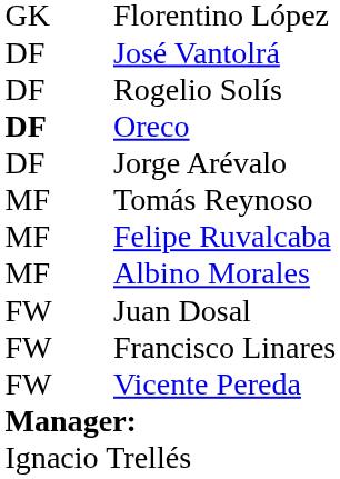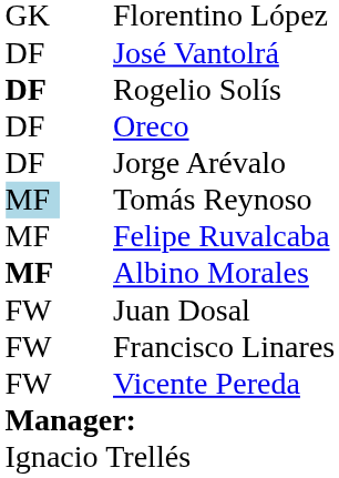 <table style="font-size:90%; margin:0.2em auto;" cellspacing="0" cellpadding="0">
 <tr>
 <th width="25"></th>
 <th width="25"></th>
 </tr>
 <tr>
 <td>GK</td>
 <td></td>
 <td> Florentino López</td>
 </tr>
 <tr>
 <td>DF</td>
 <td></td>
 <td> <a href='#'>José Vantolrá</a></td>
 </tr>
 <tr>
-<td>DF</td>
+<td><strong>DF</strong></td>
 <td></td>
 <td> Rogelio Solís</td>
 </tr>
 <tr>
-<td><strong>DF</strong></td>
+<td>DF</td>
 <td></td>
 <td> <a href='#'>Oreco</a></td>
 </tr>
 <tr>
 <td>DF</td>
 <td></td>
 <td> Jorge Arévalo</td>
 </tr>
 <tr>
-<td>MF</td>
+<td style="background: lightblue;">MF</td>
 <td></td>
 <td> Tomás Reynoso</td>
 </tr>
 <tr>
 <td>MF</td>
 <td></td>
 <td> <a href='#'>Felipe Ruvalcaba</a></td>
 </tr>
 <tr>
-<td>MF</td>
+<td><strong>MF</strong></td>
 <td></td>
 <td> <a href='#'>Albino Morales</a></td>
 </tr>
 <tr>
 <td>FW</td>
 <td></td>
 <td> Juan Dosal</td>
 </tr>
 <tr>
 <td>FW</td>
 <td></td>
 <td> Francisco Linares</td>
 </tr>
 <tr>
 <td>FW</td>
 <td></td>
 <td> <a href='#'>Vicente Pereda</a></td>
 </tr>
 <tr>
 <td colspan=3><strong>Manager:</strong></td>
 </tr>
 <tr>
 <td colspan=4> Ignacio Trellés</td>
 </tr>
 </table>
